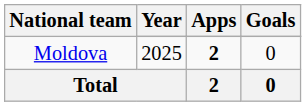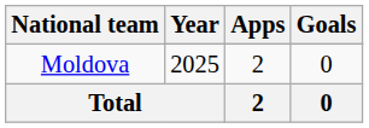 <table class="wikitable" style="text-align:center">
 <tr>
 <th>National team</th>
 <th>Year</th>
 <th>Apps</th>
 <th>Goals</th>
 </tr>
 <tr>
 <td rowspan="2"><a href='#'>Moldova</a></td>
 </tr>
 <tr>
 <td>2025</td>
-<td><strong>2</strong></td>
+<td>2</td>
 <td>0</td>
 </tr>
 <tr>
 <th colspan=2>Total</th>
 <th>2</th>
 <th>0</th>
 </tr>
 </table>
